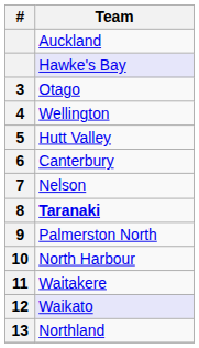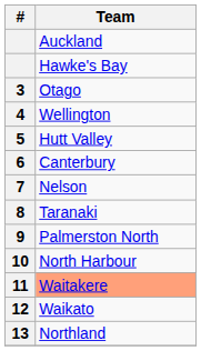 <table class="wikitable" width="15%" style="font-size:95%; text-align:center">
 <tr>
 <th>#</th>
 <th>Team</th>
 </tr>
 <tr>
 <th></th>
 <td align=left><a href='#'>Auckland</a></td>
 </tr>
 <tr>
 <th></th>
-<td align=left style="background: lavender;"><a href='#'>Hawke's Bay</a></td>
+<td align=left><a href='#'>Hawke's Bay</a></td>
 </tr>
 <tr>
 <th>3</th>
 <td align=left><a href='#'>Otago</a></td>
 </tr>
 <tr>
 <th>4</th>
 <td align=left><a href='#'>Wellington</a></td>
 </tr>
 <tr>
 <th>5</th>
 <td align=left><a href='#'>Hutt Valley</a></td>
 </tr>
 <tr>
 <th>6</th>
 <td align=left><a href='#'>Canterbury</a></td>
 </tr>
 <tr>
 <th>7</th>
 <td align=left><a href='#'>Nelson</a></td>
 </tr>
 <tr>
 <th>8</th>
-<td align=left><strong><a href='#'>Taranaki</a></strong></td>
+<td align=left><a href='#'>Taranaki</a></td>
 </tr>
 <tr>
 <th>9</th>
 <td align=left><a href='#'>Palmerston North</a></td>
 </tr>
 <tr>
 <th>10</th>
 <td align=left><a href='#'>North Harbour</a></td>
 </tr>
 <tr>
 <th>11</th>
-<td align=left><a href='#'>Waitakere</a></td>
+<td align=left style="background: lightsalmon;"><a href='#'>Waitakere</a></td>
 </tr>
 <tr>
 <th>12</th>
-<td align=left style="background: lavender;"><a href='#'>Waikato</a></td>
+<td align=left><a href='#'>Waikato</a></td>
 </tr>
 <tr>
 <th>13</th>
 <td align=left><a href='#'>Northland</a></td>
 </tr>
 <tr>
 </tr>
 </table>
